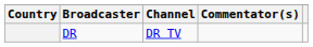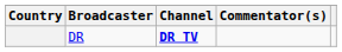 <table class="wikitable plainrowheaders">
 <tr>
 </tr>
 <tr>
 <th scope="col">Country</th>
 <th scope="col">Broadcaster</th>
 <th scope="col">Channel</th>
 <th scope="col">Commentator(s)</th>
 <th scope="col"></th>
 </tr>
 <tr>
 <th scope="row"></th>
 <td><a href='#'>DR</a></td>
-<td><a href='#'>DR TV</a></td>
+<td><strong><a href='#'>DR TV</a></strong></td>
 <td></td>
 <td style="text-align:center"></td>
 </tr>
 </table>
